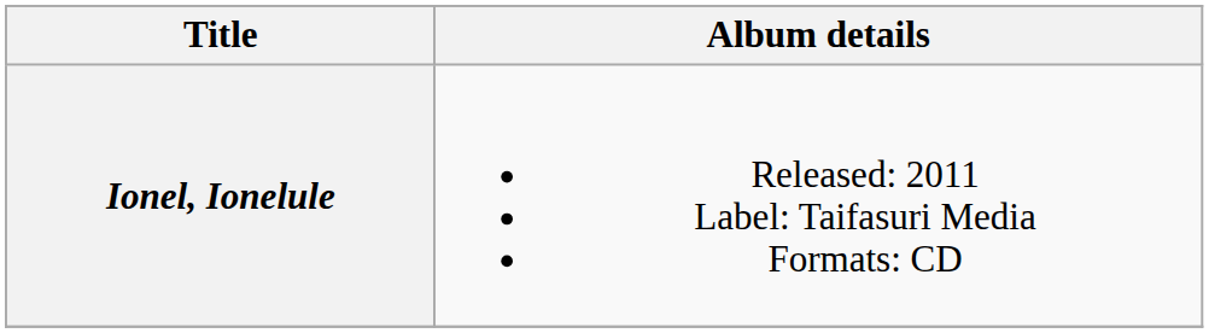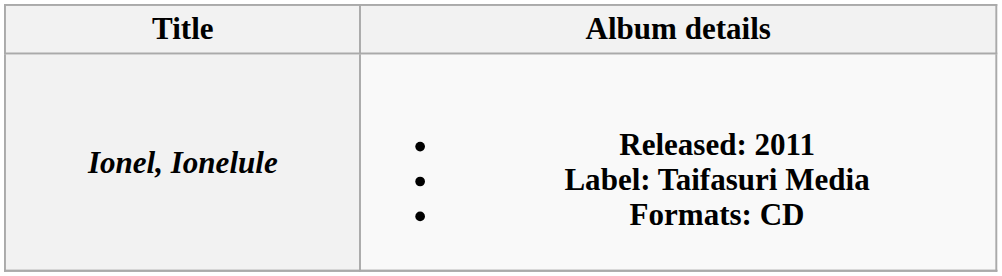 <table class="wikitable plainrowheaders" style="text-align:center;">
 <tr>
 <th scope="col" rowspan="1" style="width:11em;">Title</th>
 <th scope="col" rowspan="1" style="width:20em;">Album details</th>
 </tr>
 <tr>
 <th scope="row"><em>Ionel, Ionelule</em><br></th>
-<td><br><ul><li>Released: 2011</li><li>Label: Taifasuri Media</li><li>Formats: CD</li></ul></td>
+<td><strong><br><ul><li>Released: 2011</li><li>Label: Taifasuri Media</li><li>Formats: CD</li></ul></strong></td>
 </tr>
 <tr>
 </tr>
 </table>
